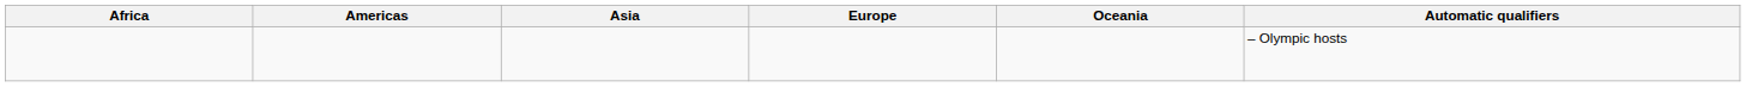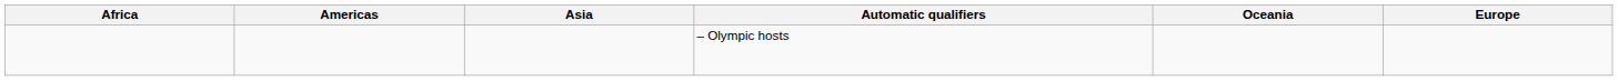 <table class=wikitable width=100%>
 <tr>
 <th width=13%>Africa</th>
 <th width=13%>Americas</th>
 <th width=13%>Asia</th>
+<th width=26%>Automatic qualifiers</th>
+<th width=13%>Oceania</th>
 <th width=13%>Europe</th>
-<th width=13%>Oceania</th>
-<th width=26%>Automatic qualifiers</th>
 </tr>
 <tr valign=top>
 <td></td>
 <td><br><br><br></td>
 <td></td>
+<td> – Olympic hosts</td>
+<td></td>
 <td><br><br><br></td>
-<td></td>
-<td> – Olympic hosts</td>
 </tr>
 </table>
